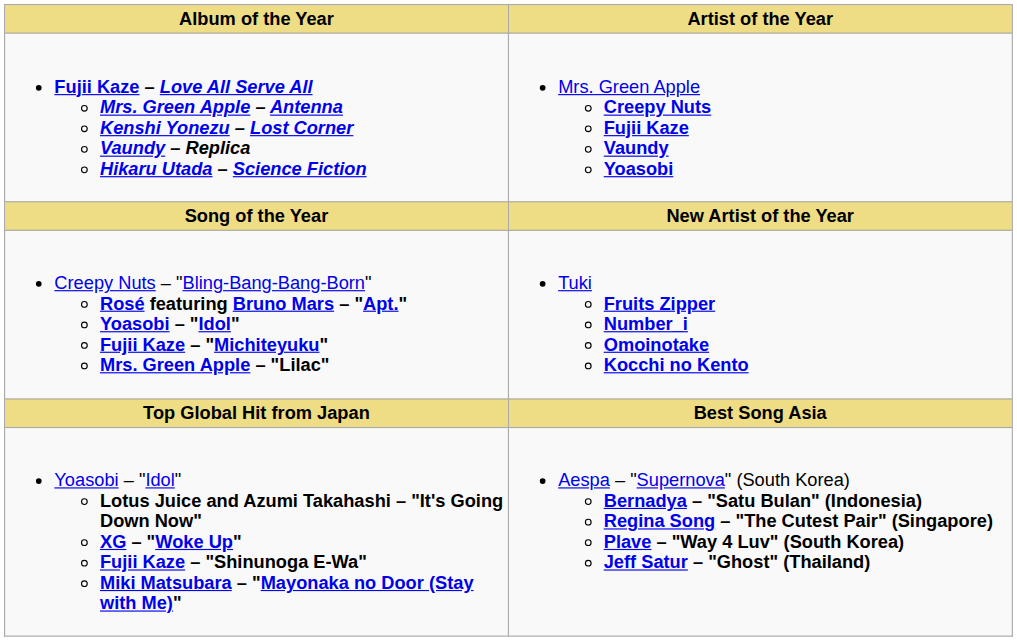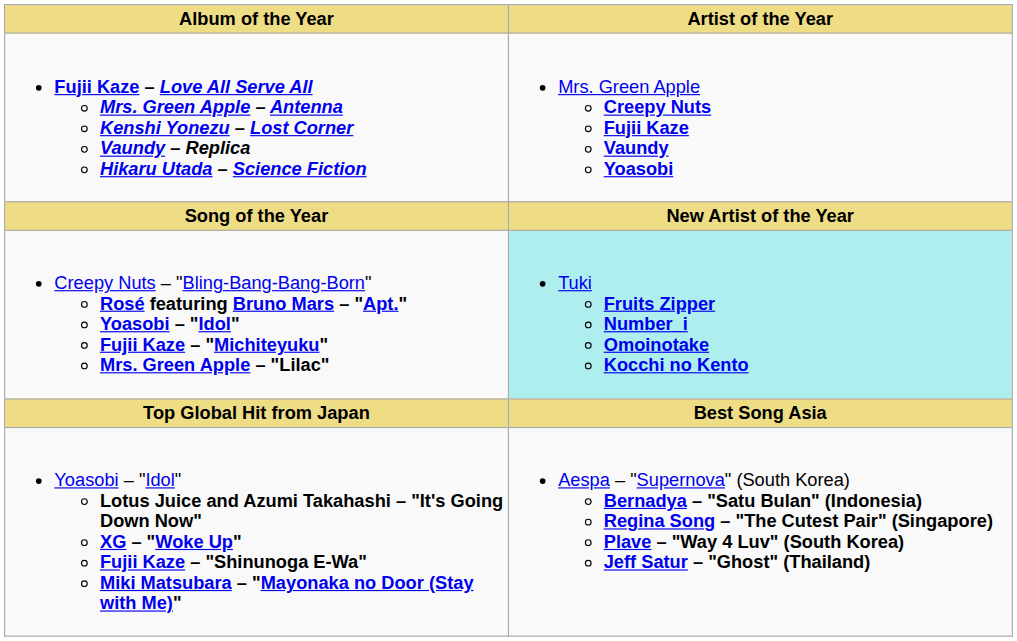 <table class="wikitable" style="width:70%">
 <tr>
 <th scope="col" style="background-color:#EEDD85; width:35%">Album of the Year</th>
 <th scope="col" style="background-color:#EEDD85; width:35%">Artist of the Year</th>
 </tr>
 <tr>
 <td style="vertical-align:top"><br><ul><li><strong><a href='#'>Fujii Kaze</a> – <em><a href='#'>Love All Serve All</a><strong><em><ul><li><a href='#'>Mrs. Green Apple</a> – </em><a href='#'>Antenna</a><em></li><li><a href='#'>Kenshi Yonezu</a> – </em><a href='#'>Lost Corner</a><em></li><li><a href='#'>Vaundy</a> – </em>Replica<em></li><li><a href='#'>Hikaru Utada</a> – </em><a href='#'>Science Fiction</a><em></li></ul></li></ul></td>
 <td style="vertical-align:top"><br><ul><li></strong><a href='#'>Mrs. Green Apple</a><strong><ul><li><a href='#'>Creepy Nuts</a></li><li><a href='#'>Fujii Kaze</a></li><li><a href='#'>Vaundy</a></li><li><a href='#'>Yoasobi</a></li></ul></li></ul></td>
 </tr>
 <tr>
 <th scope="col" style="background-color:#EEDD85; width:35%">Song of the Year</th>
 <th scope="col" style="background-color:#EEDD85; width:35%">New Artist of the Year</th>
 </tr>
 <tr>
 <td style="vertical-align:top"><br><ul><li></strong><a href='#'>Creepy Nuts</a> – "<a href='#'>Bling-Bang-Bang-Born</a>"<strong><ul><li><a href='#'>Rosé</a> featuring <a href='#'>Bruno Mars</a> – "<a href='#'>Apt.</a>"</li><li><a href='#'>Yoasobi</a> – "<a href='#'>Idol</a>"</li><li><a href='#'>Fujii Kaze</a> – "<a href='#'>Michiteyuku</a>"</li><li><a href='#'>Mrs. Green Apple</a> – "Lilac"</li></ul></li></ul></td>
-<td style="vertical-align:top"><br><ul><li></strong><a href='#'>Tuki</a><strong><ul><li><a href='#'>Fruits Zipper</a></li><li><a href='#'>Number_i</a></li><li><a href='#'>Omoinotake</a></li><li><a href='#'>Kocchi no Kento</a></li></ul></li></ul></td>
+<td style="background: paleturquoise; vertical-align:top"><br><ul><li></strong><a href='#'>Tuki</a><strong><ul><li><a href='#'>Fruits Zipper</a></li><li><a href='#'>Number_i</a></li><li><a href='#'>Omoinotake</a></li><li><a href='#'>Kocchi no Kento</a></li></ul></li></ul></td>
 </tr>
 <tr>
 <th scope="col" style="background-color:#EEDD85; width:35%">Top Global Hit from Japan</th>
 <th scope="col" style="background-color:#EEDD85; width:35%">Best Song Asia</th>
 </tr>
 <tr>
 <td style="vertical-align:top"><br><ul><li></strong><a href='#'>Yoasobi</a> – "<a href='#'>Idol</a>"<strong><ul><li>Lotus Juice and Azumi Takahashi – "It's Going Down Now"</li><li><a href='#'>XG</a> – "<a href='#'>Woke Up</a>"</li><li><a href='#'>Fujii Kaze</a> – "Shinunoga E-Wa"</li><li><a href='#'>Miki Matsubara</a> – "<a href='#'>Mayonaka no Door (Stay with Me)</a>"</li></ul></li></ul></td>
 <td style="vertical-align:top"><br><ul><li></strong><a href='#'>Aespa</a> – "<a href='#'>Supernova</a>" (South Korea)<strong><ul><li><a href='#'>Bernadya</a> – "Satu Bulan" (Indonesia)</li><li><a href='#'>Regina Song</a> – "The Cutest Pair" (Singapore)</li><li><a href='#'>Plave</a> – "Way 4 Luv" (South Korea)</li><li><a href='#'>Jeff Satur</a> – "Ghost" (Thailand)</li></ul></li></ul></td>
 </tr>
 </table>
